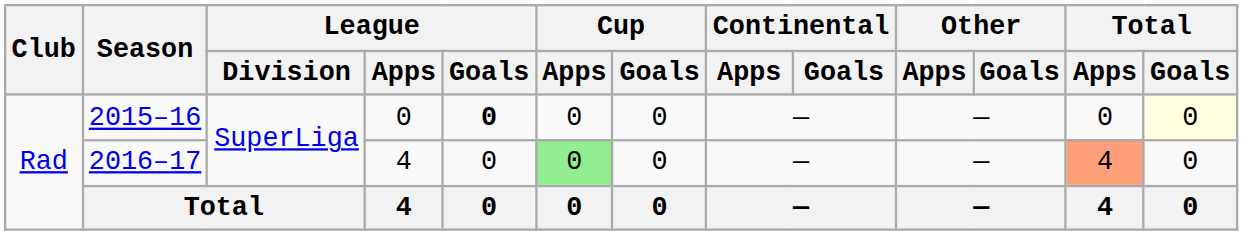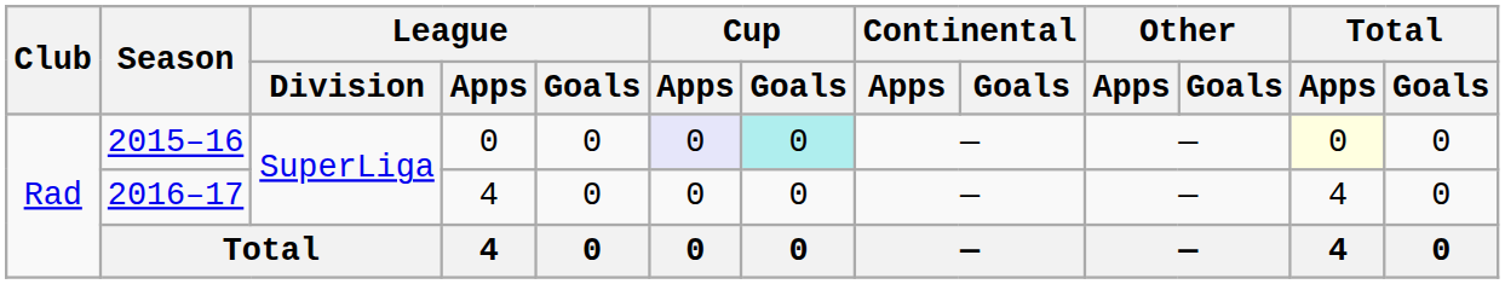 <table class="wikitable" style="text-align: center;font-size:90%">
 <tr>
 <th rowspan="2">Club</th>
 <th rowspan="2">Season</th>
 <th colspan="3">League</th>
 <th colspan="2">Cup</th>
 <th colspan="2">Continental</th>
 <th colspan="2">Other</th>
 <th colspan="2">Total</th>
 </tr>
 <tr>
 <th>Division</th>
 <th>Apps</th>
 <th>Goals</th>
 <th>Apps</th>
 <th>Goals</th>
 <th>Apps</th>
 <th>Goals</th>
 <th>Apps</th>
 <th>Goals</th>
 <th>Apps</th>
 <th>Goals</th>
 </tr>
 <tr>
 <td rowspan="3" valign="center"><a href='#'>Rad</a></td>
 <td><a href='#'>2015–16</a></td>
 <td rowspan=2><a href='#'>SuperLiga</a></td>
 <td>0</td>
-<td><strong>0</strong></td>
 <td>0</td>
-<td>0</td>
+<td style="background: lavender;">0</td>
+<td style="background: paleturquoise;">0</td>
 <td colspan="2">—</td>
 <td colspan="2">—</td>
+<td style="background: lightyellow;">0</td>
 <td>0</td>
-<td style="background: lightyellow;">0</td>
 </tr>
 <tr>
 <td><a href='#'>2016–17</a></td>
 <td>4</td>
 <td>0</td>
-<td style="background: lightgreen;">0</td>
+<td>0</td>
 <td>0</td>
 <td colspan="2">—</td>
 <td colspan="2">—</td>
-<td style="background: lightsalmon;">4</td>
+<td>4</td>
 <td>0</td>
 </tr>
 <tr>
 <th colspan="2">Total</th>
 <th>4</th>
 <th>0</th>
 <th>0</th>
 <th>0</th>
 <th colspan="2">—</th>
 <th colspan="2">—</th>
 <th>4</th>
 <th>0</th>
 </tr>
 </table>
